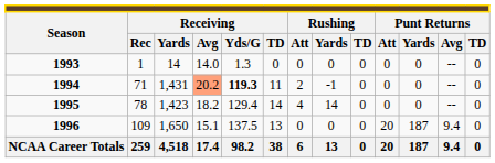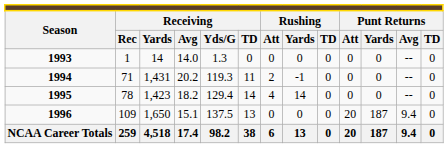 <table class=wikitable style="text-align:center;">
 <tr>
 <td ! colspan="15" style="background: #593D2B; border: 2px solid #FFD700; color:#FFFFFF;"></td>
 </tr>
 <tr>
 <th rowspan=2>Season</th>
 <th colspan=5>Receiving</th>
 <th colspan=3>Rushing</th>
 <th colspan=5>Punt Returns</th>
 </tr>
 <tr>
 <th>Rec</th>
 <th>Yards</th>
 <th>Avg</th>
 <th>Yds/G</th>
 <th>TD</th>
 <th>Att</th>
 <th>Yards</th>
 <th>TD</th>
 <th>Att</th>
 <th>Yards</th>
 <th>Avg</th>
 <th>TD</th>
 </tr>
 <tr>
 <td><strong>1993</strong></td>
 <td>1</td>
 <td>14</td>
 <td>14.0</td>
 <td>1.3</td>
 <td>0</td>
 <td>0</td>
 <td>0</td>
 <td>0</td>
 <td>0</td>
 <td>0</td>
 <td>--</td>
 <td>0</td>
 </tr>
 <tr>
 <td><strong>1994</strong></td>
 <td>71</td>
 <td>1,431</td>
-<td style="background: lightsalmon;">20.2</td>
-<td><strong>119.3</strong></td>
+<td>20.2</td>
+<td>119.3</td>
 <td>11</td>
 <td>2</td>
 <td>-1</td>
 <td>0</td>
 <td>0</td>
 <td>0</td>
 <td>--</td>
 <td>0</td>
 </tr>
 <tr>
 <td><strong>1995</strong></td>
 <td>78</td>
 <td>1,423</td>
 <td>18.2</td>
 <td>129.4</td>
 <td>14</td>
 <td>4</td>
 <td>14</td>
 <td>0</td>
 <td>0</td>
 <td>0</td>
 <td>--</td>
 <td>0</td>
 </tr>
 <tr>
 <td><strong>1996</strong></td>
 <td>109</td>
 <td>1,650</td>
 <td>15.1</td>
 <td>137.5</td>
 <td>13</td>
 <td>0</td>
 <td>0</td>
 <td>0</td>
 <td>20</td>
 <td>187</td>
 <td>9.4</td>
 <td>0</td>
 </tr>
 <tr>
 <th>NCAA Career Totals</th>
 <th>259</th>
 <th>4,518</th>
 <th>17.4</th>
 <th>98.2</th>
 <th>38</th>
 <th>6</th>
 <th>13</th>
 <th>0</th>
 <th>20</th>
 <th>187</th>
 <th>9.4</th>
 <th>0</th>
 </tr>
 </table>
